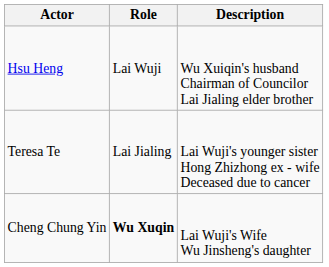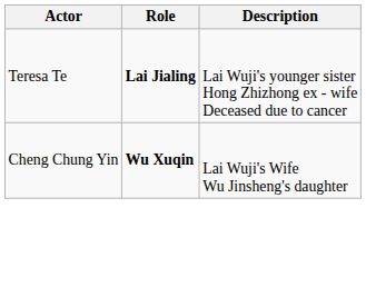 <table class="wikitable" >
 <tr>
 <th>Actor</th>
 <th>Role</th>
 <th>Description</th>
 </tr>
 <tr>
-<td><a href='#'>Hsu Heng</a></td>
-<td>Lai Wuji</td>
-<td><br><br>Wu Xuiqin's husband <br> Chairman of Councilor <br> Lai Jialing elder brother</td>
-</tr>
-<tr>
 <td>Teresa Te</td>
-<td>Lai Jialing</td>
+<td><strong>Lai Jialing</strong></td>
 <td><br><br>Lai Wuji's younger sister<br> Hong Zhizhong ex - wife<br> Deceased due to cancer</td>
 </tr>
 <tr>
 <td>Cheng Chung Yin</td>
 <td><strong>Wu Xuqin</strong></td>
 <td><br><br>Lai Wuji's Wife<br> Wu Jinsheng's daughter</td>
 </tr>
 </table>
